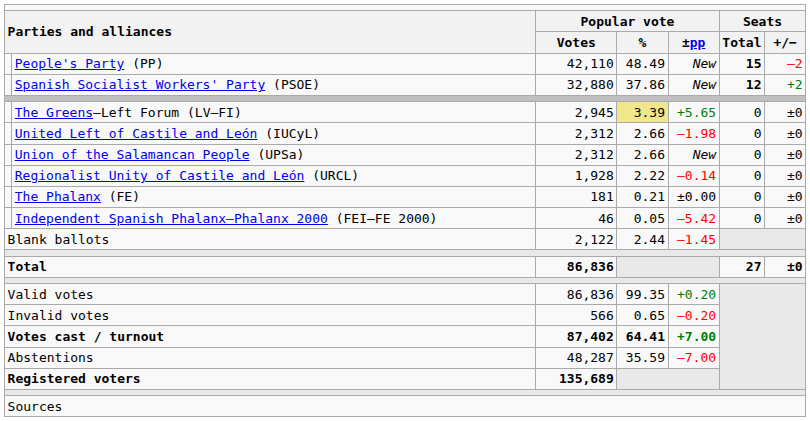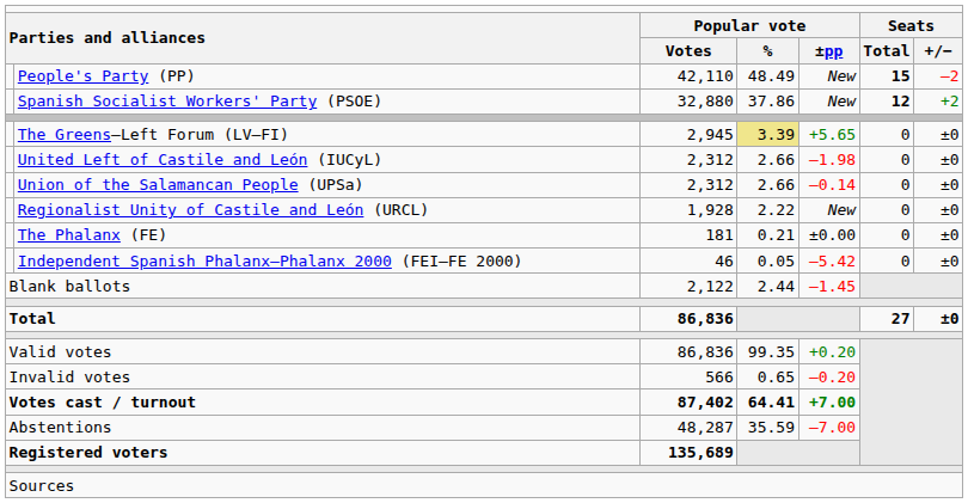 <table class="wikitable" style="text-align:right;">
 <tr>
 <td colspan="7"></td>
 </tr>
 <tr>
 <th style="text-align:left;" rowspan="2" colspan="2" width="525">Parties and alliances</th>
 <th colspan="3">Popular vote</th>
 <th colspan="2">Seats</th>
 </tr>
 <tr>
 <th width="75">Votes</th>
 <th width="45">%</th>
 <th width="45">±<a href='#'>pp</a></th>
 <th width="35">Total</th>
 <th width="35">+/−</th>
 </tr>
 <tr>
 <td width="1" style="color:inherit;background:"></td>
 <td align="left"><a href='#'>People's Party</a> (PP)</td>
 <td>42,110</td>
 <td>48.49</td>
 <td><em>New</em></td>
 <td><strong>15</strong></td>
 <td style="color:red;">–2</td>
 </tr>
 <tr>
 <td style="color:inherit;background:"></td>
 <td align="left"><a href='#'>Spanish Socialist Workers' Party</a> (PSOE)</td>
 <td>32,880</td>
 <td>37.86</td>
 <td><em>New</em></td>
 <td><strong>12</strong></td>
 <td style="color:green;">+2</td>
 </tr>
 <tr>
 <td colspan="7" bgcolor="#C0C0C0"></td>
 </tr>
 <tr>
 <td style="color:inherit;background:"></td>
 <td align="left"><a href='#'>The Greens</a>–Left Forum (LV–FI)</td>
 <td>2,945</td>
 <td style="background: khaki;">3.39</td>
 <td style="color:green;">+5.65</td>
 <td>0</td>
 <td>±0</td>
 </tr>
 <tr>
 <td style="color:inherit;background:"></td>
 <td align="left"><a href='#'>United Left of Castile and León</a> (IUCyL)</td>
 <td>2,312</td>
 <td>2.66</td>
 <td style="color:red;">–1.98</td>
 <td>0</td>
 <td>±0</td>
 </tr>
 <tr>
 <td style="color:inherit;background:"></td>
 <td align="left"><a href='#'>Union of the Salamancan People</a> (UPSa)</td>
 <td>2,312</td>
 <td>2.66</td>
-<td><em>New</em></td>
+<td style="color:red;">–0.14</td>
 <td>0</td>
 <td>±0</td>
 </tr>
 <tr>
 <td style="color:inherit;background:"></td>
 <td align="left"><a href='#'>Regionalist Unity of Castile and León</a> (URCL)</td>
 <td>1,928</td>
 <td>2.22</td>
-<td style="color:red;">–0.14</td>
+<td><em>New</em></td>
 <td>0</td>
 <td>±0</td>
 </tr>
 <tr>
 <td style="color:inherit;background:"></td>
 <td align="left"><a href='#'>The Phalanx</a> (FE)</td>
 <td>181</td>
 <td>0.21</td>
 <td>±0.00</td>
 <td>0</td>
 <td>±0</td>
 </tr>
 <tr>
 <td style="color:inherit;background:"></td>
 <td align="left"><a href='#'>Independent Spanish Phalanx–Phalanx 2000</a> (FEI–FE 2000)</td>
 <td>46</td>
 <td>0.05</td>
 <td style="color:red;">–5.42</td>
 <td>0</td>
 <td>±0</td>
 </tr>
 <tr>
 <td align="left" colspan="2">Blank ballots</td>
 <td>2,122</td>
 <td>2.44</td>
 <td style="color:red;">–1.45</td>
 <td bgcolor="#E9E9E9" colspan="2"></td>
 </tr>
 <tr>
 <td colspan="7" bgcolor="#E9E9E9"></td>
 </tr>
 <tr style="font-weight:bold;">
 <td align="left" colspan="2">Total</td>
 <td>86,836</td>
 <td bgcolor="#E9E9E9" colspan="2"></td>
 <td>27</td>
 <td>±0</td>
 </tr>
 <tr>
 <td colspan="7" bgcolor="#E9E9E9"></td>
 </tr>
 <tr>
 <td align="left" colspan="2">Valid votes</td>
 <td>86,836</td>
 <td>99.35</td>
 <td style="color:green;">+0.20</td>
 <td bgcolor="#E9E9E9" colspan="2" rowspan="5"></td>
 </tr>
 <tr>
 <td align="left" colspan="2">Invalid votes</td>
 <td>566</td>
 <td>0.65</td>
 <td style="color:red;">–0.20</td>
 </tr>
 <tr style="font-weight:bold;">
 <td align="left" colspan="2">Votes cast / turnout</td>
 <td>87,402</td>
 <td>64.41</td>
 <td style="color:green;">+7.00</td>
 </tr>
 <tr>
 <td align="left" colspan="2">Abstentions</td>
 <td>48,287</td>
 <td>35.59</td>
 <td style="color:red;">–7.00</td>
 </tr>
 <tr style="font-weight:bold;">
 <td align="left" colspan="2">Registered voters</td>
 <td>135,689</td>
 <td bgcolor="#E9E9E9" colspan="2"></td>
 </tr>
 <tr>
 <td colspan="7" bgcolor="#E9E9E9"></td>
 </tr>
 <tr>
 <td align="left" colspan="7">Sources</td>
 </tr>
 </table>
